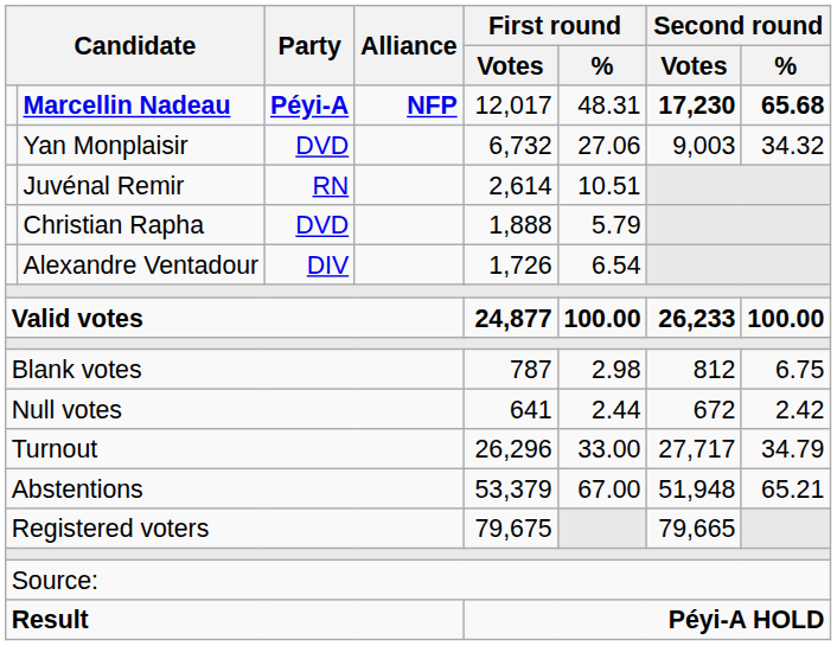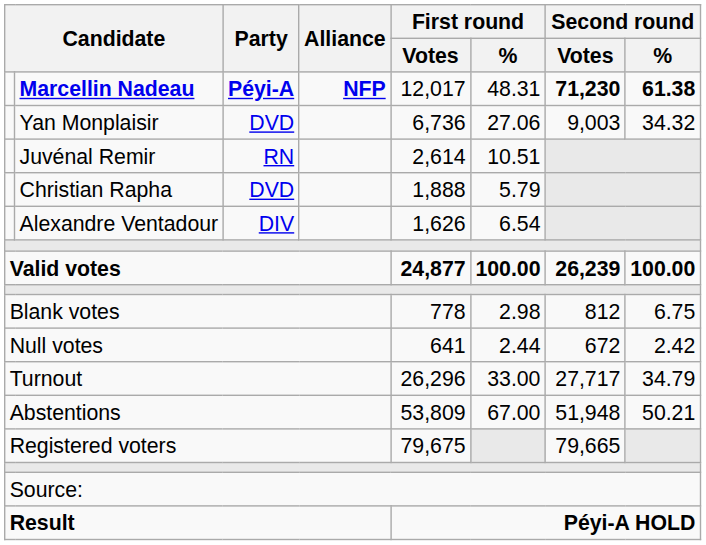 <table class="wikitable" style="text-align:right;font-size:95%;">
 <tr>
 <th colspan="2" rowspan="2">Candidate</th>
 <th colspan="1" rowspan="2">Party</th>
 <th colspan="1" rowspan="2">Alliance</th>
 <th colspan="2">First round</th>
 <th colspan="2">Second round</th>
 </tr>
 <tr>
 <th style="width:50px;">Votes</th>
 <th style="width:45px;">%</th>
 <th style="width:50px;">Votes</th>
 <th style="width:45px;">%</th>
 </tr>
 <tr>
 <td style="color:inherit;background:"></td>
 <td style="text-align:left;"><strong><a href='#'>Marcellin Nadeau</a></strong></td>
 <td><strong><a href='#'>Péyi-A</a></strong></td>
 <td><a href='#'><strong>NFP</strong></a></td>
 <td>12,017</td>
 <td>48.31</td>
-<td><strong>17,230</strong></td>
-<td><strong>65.68</strong></td>
+<td><strong>71,230</strong></td>
+<td><strong>61.38</strong></td>
 </tr>
 <tr>
 <td style="color:inherit;background:"></td>
 <td style="text-align:left;">Yan Monplaisir</td>
 <td><a href='#'>DVD</a></td>
 <td></td>
-<td>6,732</td>
+<td>6,736</td>
 <td>27.06</td>
 <td>9,003</td>
 <td>34.32</td>
 </tr>
 <tr>
 <td style="color:inherit;background:"></td>
 <td style="text-align:left;">Juvénal Remir</td>
 <td><a href='#'>RN</a></td>
 <td></td>
 <td>2,614</td>
 <td>10.51</td>
 <td colspan="2" rowspan="1" style="background:#E9E9E9;"></td>
 </tr>
 <tr>
 <td style="color:inherit;background:"></td>
 <td style="text-align:left;">Christian Rapha</td>
 <td><a href='#'>DVD</a></td>
 <td></td>
 <td>1,888</td>
 <td>5.79</td>
 <td colspan="2" rowspan="1" style="background:#E9E9E9;"></td>
 </tr>
 <tr>
 <td style="color:inherit;background:"></td>
 <td style="text-align:left;">Alexandre Ventadour</td>
 <td><a href='#'>DIV</a></td>
 <td></td>
-<td>1,726</td>
+<td>1,626</td>
 <td>6.54</td>
 <td colspan="2" rowspan="1" style="background:#E9E9E9;"></td>
 </tr>
 <tr>
 <td colspan="8" style="background:#E9E9E9;"></td>
 </tr>
 <tr style="font-weight:bold;">
 <td colspan="4" style="text-align:left;">Valid votes</td>
 <td>24,877</td>
 <td>100.00</td>
-<td>26,233</td>
+<td>26,239</td>
 <td>100.00</td>
 </tr>
 <tr>
 <td colspan="8" style="background:#E9E9E9;"></td>
 </tr>
 <tr>
 <td colspan="4" style="text-align:left;">Blank votes</td>
-<td>787</td>
+<td>778</td>
 <td>2.98</td>
 <td>812</td>
 <td>6.75</td>
 </tr>
 <tr>
 <td colspan="4" style="text-align:left;">Null votes</td>
 <td>641</td>
 <td>2.44</td>
 <td>672</td>
 <td>2.42</td>
 </tr>
 <tr>
 <td colspan="4" style="text-align:left;">Turnout</td>
 <td>26,296</td>
 <td>33.00</td>
 <td>27,717</td>
 <td>34.79</td>
 </tr>
 <tr>
 <td colspan="4" style="text-align:left;">Abstentions</td>
-<td>53,379</td>
+<td>53,809</td>
 <td>67.00</td>
 <td>51,948</td>
-<td>65.21</td>
+<td>50.21</td>
 </tr>
 <tr>
 <td colspan="4" style="text-align:left;">Registered voters</td>
 <td>79,675</td>
 <td style="background:#E9E9E9;"></td>
 <td>79,665</td>
 <td style="background:#E9E9E9;"></td>
 </tr>
 <tr>
 <td colspan="8" style="background:#E9E9E9;"></td>
 </tr>
 <tr>
 <td colspan="8" style="text-align:left;">Source: </td>
 </tr>
 <tr style="font-weight:bold">
 <td colspan="4" style="text-align:left;">Result</td>
 <td colspan="4" style="background-color:">Péyi-A HOLD</td>
 </tr>
 </table>
